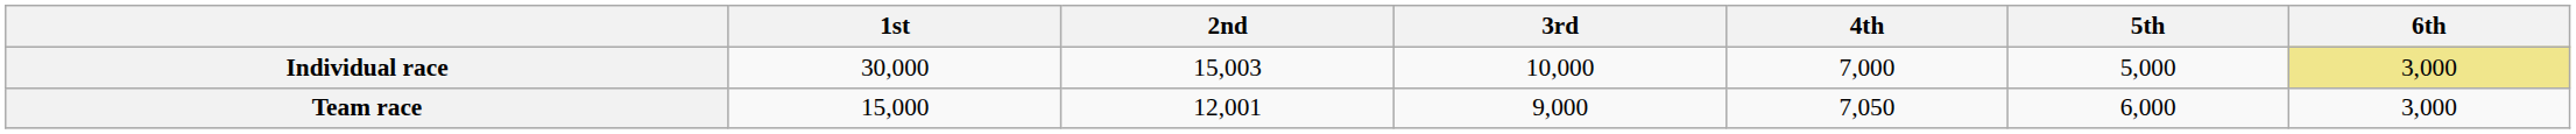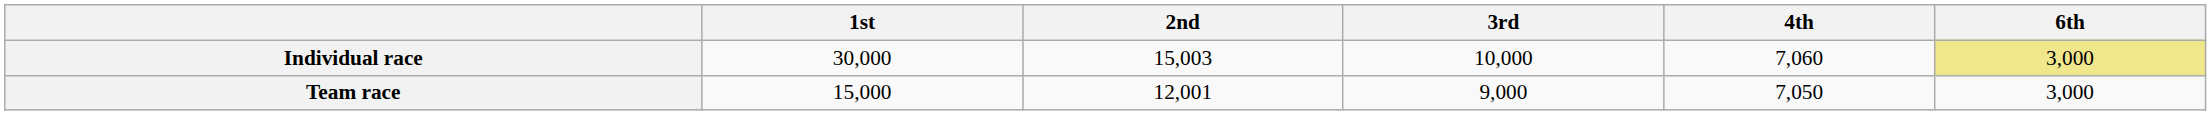 <table class=wikitable width=75% style="margin:0.5em auto; font-size:90%; text-align:center; position:relative;">
 <tr>
 <th> </th>
 <th>1st</th>
 <th>2nd</th>
 <th>3rd</th>
 <th>4th</th>
-<th>5th</th>
 <th>6th</th>
 </tr>
 <tr>
 <th>Individual race</th>
 <td>30,000</td>
 <td>15,003</td>
 <td>10,000</td>
-<td>7,000</td>
-<td>5,000</td>
+<td>7,060</td>
 <td style="background: khaki;">3,000</td>
 </tr>
 <tr>
 <th>Team race</th>
 <td>15,000</td>
 <td>12,001</td>
 <td>9,000</td>
 <td>7,050</td>
-<td>6,000</td>
 <td>3,000</td>
 </tr>
 </table>
